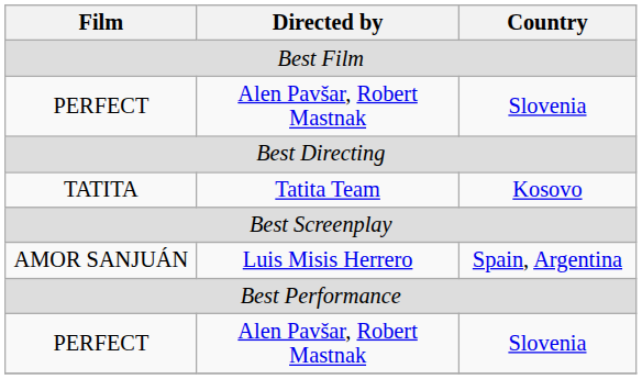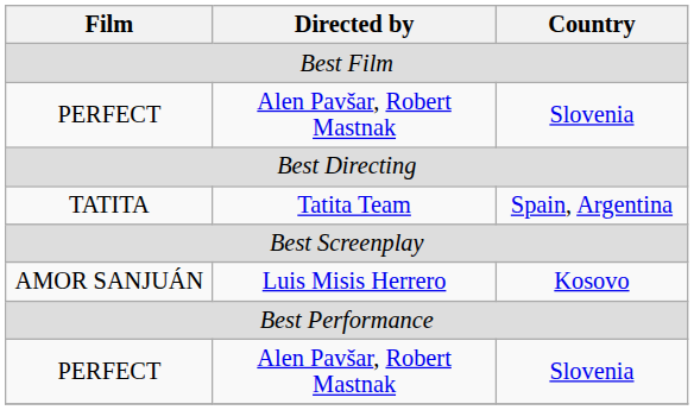 <table class="wikitable">
 <tr bgcolor="#CCCCCC">
 <th width="130" rowspan="1">Film</th>
 <th width="180" rowspan="1">Directed by</th>
 <th width="120" rowspan="1">Country</th>
 </tr>
 <tr bgcolor="#DDDDDD">
 <td colspan=6 align=center><em>Best Film</em></td>
 </tr>
 <tr>
 <td align="center">PERFECT</td>
 <td align="center"><a href='#'>Alen Pavšar</a>, <a href='#'>Robert Mastnak</a></td>
 <td align="center"><a href='#'>Slovenia</a></td>
 </tr>
 <tr bgcolor="#DDDDDD">
 <td colspan=6 align=center><em>Best Directing</em></td>
 </tr>
 <tr>
 <td align="center">TATITA</td>
 <td align="center"><a href='#'>Tatita Team</a></td>
-<td align="center"><a href='#'>Kosovo</a></td>
+<td align="center"><a href='#'>Spain</a>, <a href='#'>Argentina</a></td>
 </tr>
 <tr bgcolor="#DDDDDD">
 <td colspan=6 align=center><em>Best Screenplay</em></td>
 </tr>
 <tr>
 <td align="center">AMOR SANJUÁN</td>
 <td align="center"><a href='#'>Luis Misis Herrero</a></td>
-<td align="center"><a href='#'>Spain</a>, <a href='#'>Argentina</a></td>
+<td align="center"><a href='#'>Kosovo</a></td>
 </tr>
 <tr bgcolor="#DDDDDD">
 <td colspan=6 align=center><em>Best Performance</em></td>
 </tr>
 <tr>
 <td align="center">PERFECT</td>
 <td align="center"><a href='#'>Alen Pavšar</a>, <a href='#'>Robert Mastnak</a></td>
 <td align="center"><a href='#'>Slovenia</a></td>
 </tr>
 <tr>
 </tr>
 </table>
